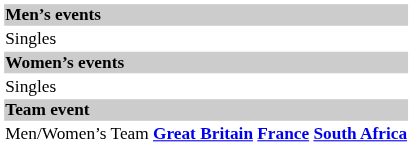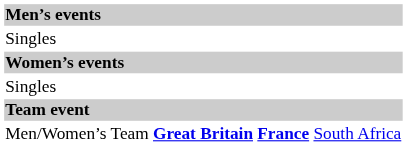 <table>
 <tr bgcolor="#cccccc">
 <td colspan=7><strong>Men’s events</strong></td>
 </tr>
 <tr>
 <td>Singles</td>
 <td><strong></strong></td>
 <td></td>
 <td></td>
 </tr>
 <tr bgcolor="#cccccc">
 <td colspan=7><strong>Women’s events</strong></td>
 </tr>
 <tr>
 <td>Singles</td>
 <td><strong></strong></td>
 <td></td>
 <td></td>
 </tr>
 <tr bgcolor="#cccccc">
 <td colspan=7><strong>Team event</strong></td>
 </tr>
 <tr>
 <td>Men/Women’s Team</td>
 <td><strong> <a href='#'>Great Britain</a></strong></td>
 <td><strong> <a href='#'>France</a></strong></td>
-<td><strong> <a href='#'>South Africa</a></strong></td>
+<td> <a href='#'>South Africa</a></td>
 </tr>
 </table>
